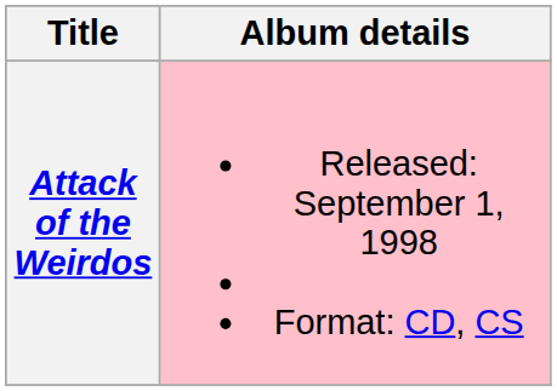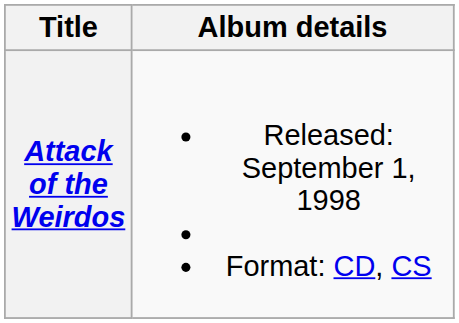 <table class="wikitable" style="text-align:center;">
 <tr>
 <th style="width:33px;">Title</th>
 <th style="width:170px;">Album details</th>
 </tr>
 <tr>
 <th scope="row"><em><a href='#'>Attack of the Weirdos</a></em></th>
-<td style="background: pink;"><br><ul><li>Released: September 1, 1998</li><li></li><li>Format: <a href='#'>CD</a>, <a href='#'>CS</a></li></ul></td>
+<td><br><ul><li>Released: September 1, 1998</li><li></li><li>Format: <a href='#'>CD</a>, <a href='#'>CS</a></li></ul></td>
 </tr>
 </table>
